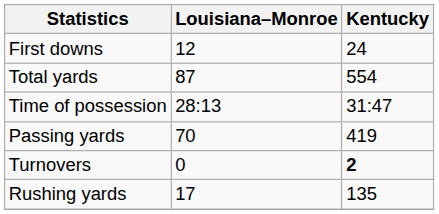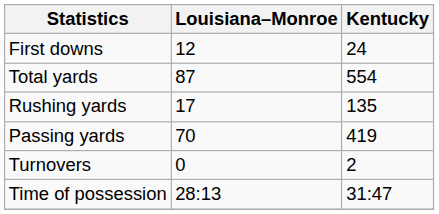 <table class="wikitable">
 <tr>
 <th>Statistics</th>
 <th>Louisiana–Monroe</th>
 <th>Kentucky</th>
 </tr>
 <tr>
 <td>First downs</td>
 <td>12</td>
 <td>24</td>
 </tr>
 <tr>
 <td>Total yards</td>
 <td>87</td>
 <td>554</td>
 </tr>
 <tr>
-<td>Time of possession</td>
-<td>28:13</td>
-<td>31:47</td>
+<td>Rushing yards</td>
+<td>17</td>
+<td>135</td>
 </tr>
 <tr>
 <td>Passing yards</td>
 <td>70</td>
 <td>419</td>
 </tr>
 <tr>
 <td>Turnovers</td>
 <td>0</td>
-<td><strong>2</strong></td>
+<td>2</td>
 </tr>
 <tr>
-<td>Rushing yards</td>
-<td>17</td>
-<td>135</td>
+<td>Time of possession</td>
+<td>28:13</td>
+<td>31:47</td>
 </tr>
 <tr>
 </tr>
 </table>
